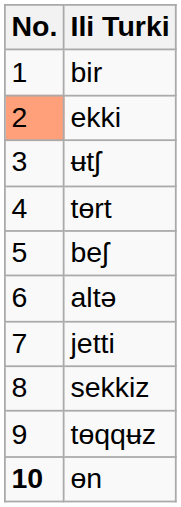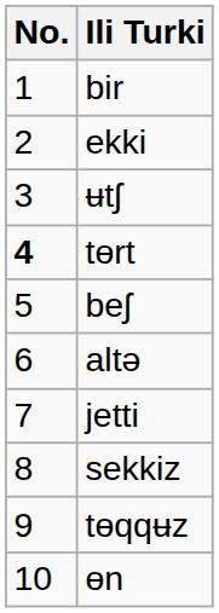 <table class="wikitable sortable">
 <tr>
 <th>No.</th>
 <th>Ili Turki</th>
 </tr>
 <tr>
 <td>1</td>
 <td>bir</td>
 </tr>
 <tr>
-<td style="background: lightsalmon;">2</td>
+<td>2</td>
 <td>ekki</td>
 </tr>
 <tr>
 <td>3</td>
 <td>ʉtʃ</td>
 </tr>
 <tr>
-<td>4</td>
+<td><strong>4</strong></td>
 <td>tɵrt</td>
 </tr>
 <tr>
 <td>5</td>
 <td>beʃ</td>
 </tr>
 <tr>
 <td>6</td>
 <td>altə</td>
 </tr>
 <tr>
 <td>7</td>
 <td>jetti</td>
 </tr>
 <tr>
 <td>8</td>
 <td>sekkiz</td>
 </tr>
 <tr>
 <td>9</td>
 <td>tɵqqʉz</td>
 </tr>
 <tr>
-<td><strong>10</strong></td>
+<td>10</td>
 <td>ɵn</td>
 </tr>
 </table>
